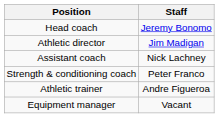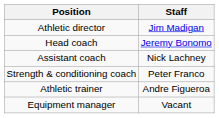 <table class="wikitable" style="text-align: center;">
 <tr>
 <th>Position</th>
 <th>Staff</th>
 </tr>
 <tr>
+<td>Athletic director</td>
+<td><a href='#'>Jim Madigan</a></td>
+</tr>
+<tr>
 <td>Head coach</td>
 <td><a href='#'>Jeremy Bonomo</a></td>
-</tr>
-<tr>
-<td>Athletic director</td>
-<td><a href='#'>Jim Madigan</a></td>
 </tr>
 <tr>
 <td>Assistant coach</td>
 <td>Nick Lachney</td>
 </tr>
 <tr>
 <td>Strength & conditioning coach</td>
 <td>Peter Franco</td>
 </tr>
 <tr>
 <td>Athletic trainer</td>
 <td>Andre Figueroa</td>
 </tr>
 <tr>
 <td>Equipment manager</td>
 <td>Vacant</td>
 </tr>
 </table>
